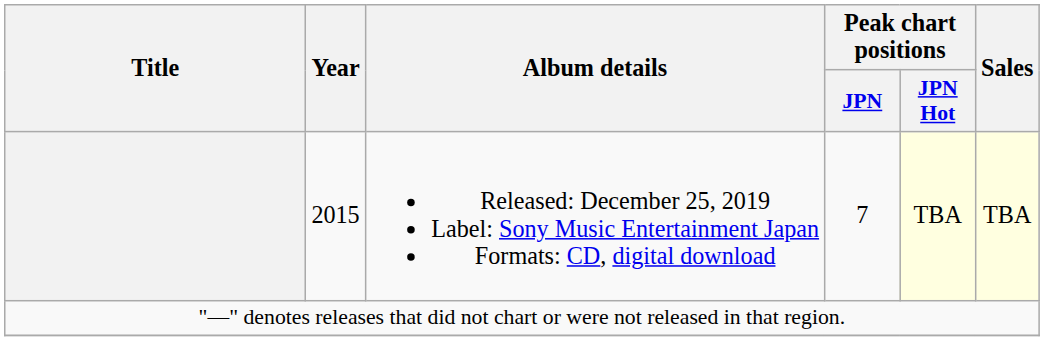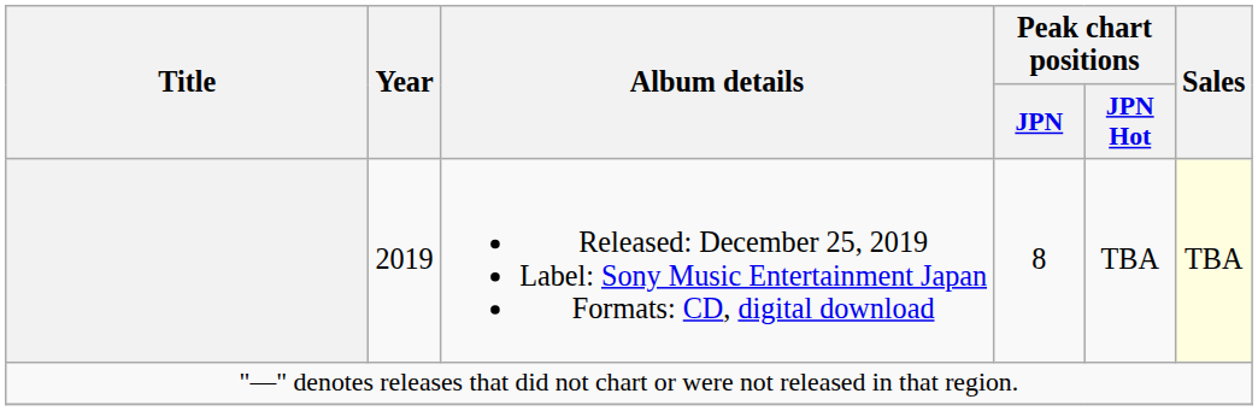 <table class="wikitable plainrowheaders" style="text-align:center;">
 <tr>
 <th scope="col" rowspan="2" style="width:12em;">Title</th>
 <th scope="col" rowspan="2">Year</th>
 <th scope="col" rowspan="2">Album details</th>
 <th scope="col" colspan="2">Peak chart positions</th>
 <th scope="col" rowspan="2">Sales</th>
 </tr>
 <tr>
 <th scope="col" style="width:3em;font-size:90%;"><a href='#'>JPN</a></th>
 <th scope="col" style="width:3em;font-size:90%;"><a href='#'>JPN<br>Hot</a></th>
 </tr>
 <tr>
 <th scope="row"></th>
-<td>2015</td>
+<td>2019</td>
 <td><br><ul><li>Released: December 25, 2019</li><li>Label: <a href='#'>Sony Music Entertainment Japan</a></li><li>Formats: <a href='#'>CD</a>, <a href='#'>digital download</a></li></ul></td>
-<td>7</td>
-<td style="background: lightyellow;">TBA</td>
+<td>8</td>
+<td>TBA</td>
 <td style="background: lightyellow;">TBA</td>
 </tr>
 <tr>
 <td colspan="6" style="font-size:90%;">"—" denotes releases that did not chart or were not released in that region.</td>
 </tr>
 <tr>
 </tr>
 </table>
